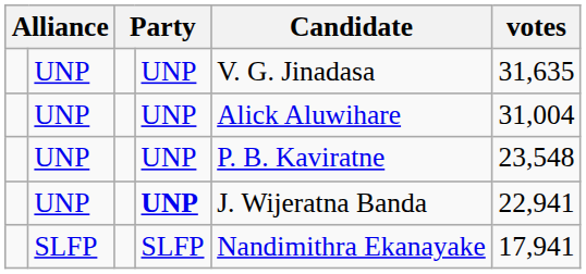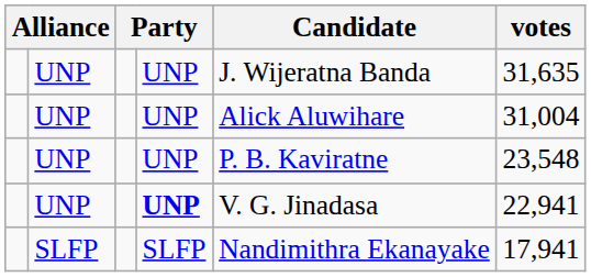 <table class="wikitable sortable mw-collapsible">
 <tr>
 <th colspan="2">Alliance</th>
 <th colspan="2">Party</th>
 <th>Candidate</th>
 <th>votes</th>
 </tr>
 <tr>
 <td bgcolor=> </td>
 <td align=left><a href='#'>UNP</a></td>
 <td bgcolor=> </td>
 <td align=left><a href='#'>UNP</a></td>
-<td>V. G. Jinadasa</td>
+<td>J. Wijeratna Banda</td>
 <td>31,635</td>
 </tr>
 <tr>
 <td bgcolor=> </td>
 <td align=left><a href='#'>UNP</a></td>
 <td bgcolor=> </td>
 <td align=left><a href='#'>UNP</a></td>
 <td><a href='#'>Alick Aluwihare</a></td>
 <td>31,004</td>
 </tr>
 <tr>
 <td bgcolor=> </td>
 <td align=left><a href='#'>UNP</a></td>
 <td bgcolor=> </td>
 <td align=left><a href='#'>UNP</a></td>
 <td><a href='#'>P. B. Kaviratne</a></td>
 <td>23,548</td>
 </tr>
 <tr>
 <td bgcolor=> </td>
 <td align=left><a href='#'>UNP</a></td>
 <td bgcolor=> </td>
 <td align=left><strong><a href='#'>UNP</a></strong></td>
-<td>J. Wijeratna Banda</td>
+<td>V. G. Jinadasa</td>
 <td>22,941</td>
 </tr>
 <tr>
 <td bgcolor=> </td>
 <td align=left><a href='#'>SLFP</a></td>
 <td bgcolor=> </td>
 <td align=left><a href='#'>SLFP</a></td>
 <td><a href='#'>Nandimithra Ekanayake</a></td>
 <td>17,941</td>
 </tr>
 </table>
